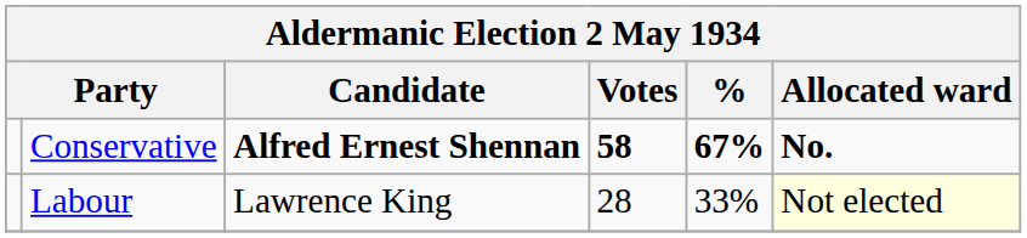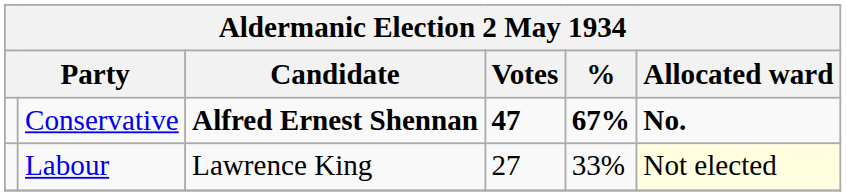 <table class="wikitable">
 <tr>
 <th colspan="6"><strong>Aldermanic Election 2 May 1934</strong></th>
 </tr>
 <tr>
 <th colspan="2">Party</th>
 <th>Candidate</th>
 <th>Votes</th>
 <th>%</th>
 <th>Allocated ward</th>
 </tr>
 <tr>
 <td style="background-color:"></td>
 <td><a href='#'>Conservative</a></td>
 <td><strong>Alfred Ernest Shennan</strong></td>
-<td><strong>58</strong></td>
+<td><strong>47</strong></td>
 <td><strong>67%</strong></td>
 <td><strong>No. </strong></td>
 </tr>
 <tr>
 <td style="background-color:"></td>
 <td><a href='#'>Labour</a></td>
 <td>Lawrence King</td>
-<td>28</td>
+<td>27</td>
 <td>33%</td>
 <td style="background: lightyellow;">Not elected</td>
 </tr>
 <tr>
 </tr>
 </table>
